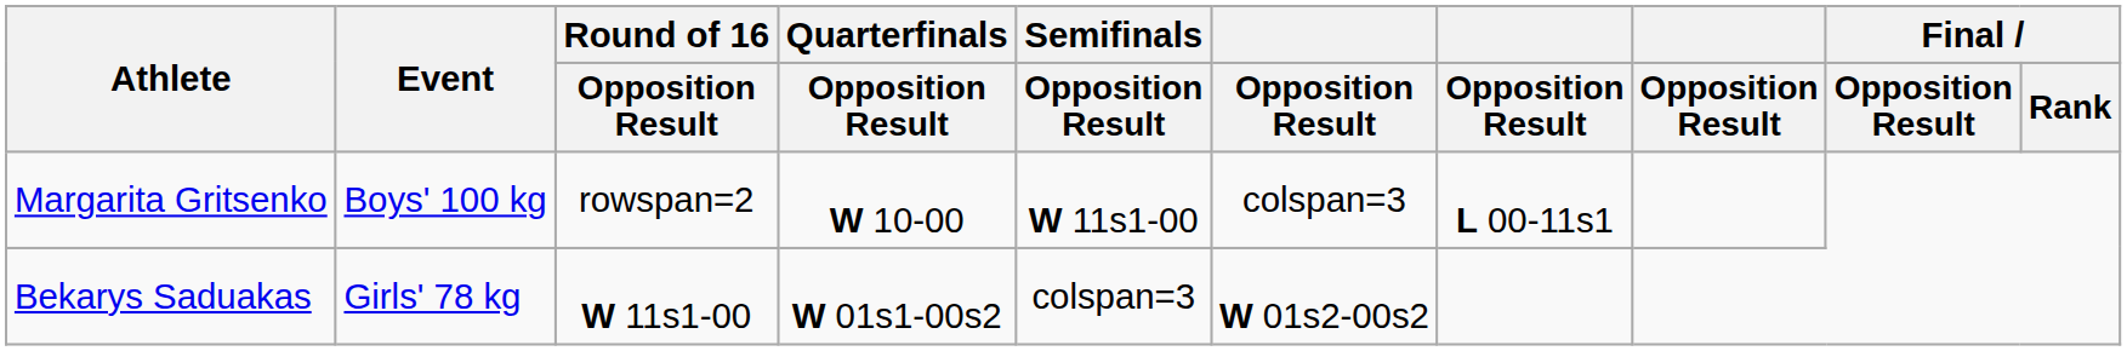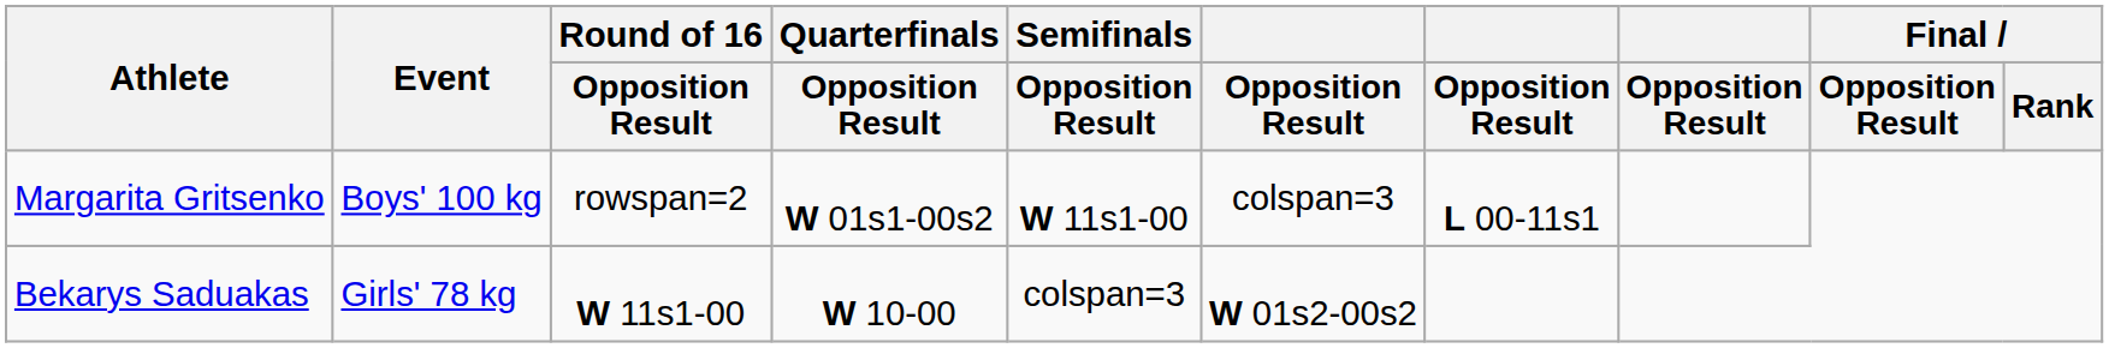 <table class="wikitable" style="text-align:center;font-size:90%">
 <tr>
 <th rowspan=2>Athlete</th>
 <th rowspan=2>Event</th>
 <th>Round of 16</th>
 <th>Quarterfinals</th>
 <th>Semifinals</th>
 <th></th>
 <th></th>
 <th></th>
 <th colspan=2>Final / </th>
 </tr>
 <tr style="font-size:95%">
 <th>Opposition<br>Result</th>
 <th>Opposition<br>Result</th>
 <th>Opposition<br>Result</th>
 <th>Opposition<br>Result</th>
 <th>Opposition<br>Result</th>
 <th>Opposition<br>Result</th>
 <th>Opposition<br>Result</th>
 <th>Rank</th>
 </tr>
 <tr align=center>
 <td align=left><a href='#'>Margarita Gritsenko</a></td>
 <td align=left><a href='#'>Boys' 100 kg</a></td>
 <td>rowspan=2 </td>
-<td><br> <strong>W</strong> 10-00</td>
+<td><br> <strong>W</strong> 01s1-00s2</td>
 <td><br> <strong>W</strong> 11s1-00</td>
 <td>colspan=3 </td>
 <td><br> <strong>L</strong> 00-11s1</td>
 <td></td>
 </tr>
 <tr align=center>
 <td align=left><a href='#'>Bekarys Saduakas</a></td>
 <td align=left><a href='#'>Girls' 78 kg</a></td>
 <td><br> <strong>W</strong> 11s1-00</td>
-<td><br> <strong>W</strong> 01s1-00s2</td>
+<td><br> <strong>W</strong> 10-00</td>
 <td>colspan=3 </td>
 <td><br> <strong>W</strong> 01s2-00s2</td>
 <td></td>
 </tr>
 </table>
